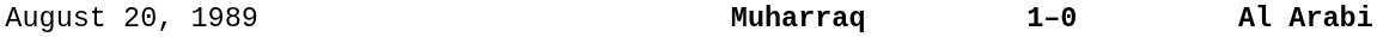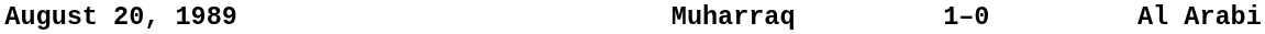 <table width=100% cellspacing=1>
 <tr>
 <th width=10%></th>
 <th width=20%></th>
 <th width=12%></th>
 <th width=20%></th>
 <th></th>
 </tr>
 <tr style=font-size:90%>
-<td align=right>August 20, 1989</td>
+<td align=right><strong>August 20, 1989</strong></td>
 <td align=right><strong>Muharraq </strong></td>
 <td align=center><strong>1–0</strong></td>
 <td><strong>Al Arabi</strong></td>
 </tr>
 </table>
